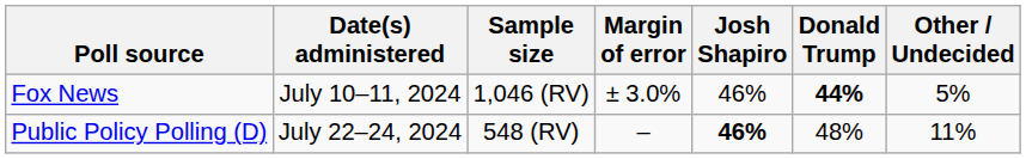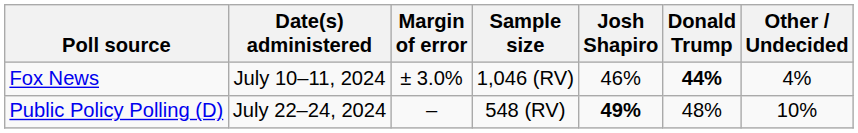 <table class="wikitable sortable mw-datatable" style="font-size:90%;text-align:center;line-height:17px">
 <tr valign=bottom>
 <th>Poll source</th>
 <th>Date(s)<br>administered</th>
+<th>Margin<br>of error</th>
 <th>Sample<br>size</th>
-<th>Margin<br>of error</th>
 <th class="unsortable">Josh<br>Shapiro<br></th>
 <th class="unsortable">Donald<br>Trump<br></th>
 <th class="unsortable">Other /<br>Undecided</th>
 </tr>
 <tr>
 <td style="text-align:left;"><a href='#'>Fox News</a></td>
 <td data-sort-value="2024-07-22">July 10–11, 2024</td>
+<td>± 3.0%</td>
 <td>1,046 (RV)</td>
-<td>± 3.0%</td>
 <td>46%</td>
 <td style="background-color:"><strong>44%</strong></td>
-<td>5%</td>
+<td>4%</td>
 </tr>
 <tr>
 <td style="text-align:left;"><a href='#'>Public Policy Polling (D)</a></td>
 <td data-sort-value="2024-07-26">July 22–24, 2024</td>
+<td>–</td>
 <td>548 (RV)</td>
-<td>–</td>
-<td style="color:black;background-color:"><strong>46%</strong></td>
+<td style="color:black;background-color:"><strong>49%</strong></td>
 <td>48%</td>
-<td>11%</td>
+<td>10%</td>
 </tr>
 </table>
